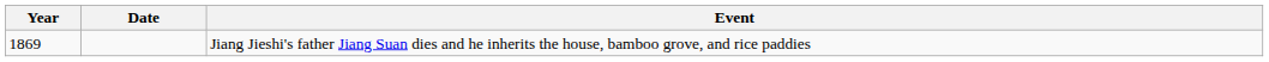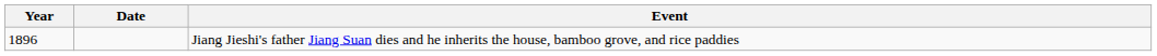 <table class="wikitable" width="100%">
 <tr>
 <th style="width:6%">Year</th>
 <th style="width:10%">Date</th>
 <th>Event</th>
 </tr>
 <tr>
-<td>1869</td>
+<td>1896</td>
 <td></td>
 <td>Jiang Jieshi's father <a href='#'>Jiang Suan</a> dies and he inherits the house, bamboo grove, and rice paddies</td>
 </tr>
 </table>
